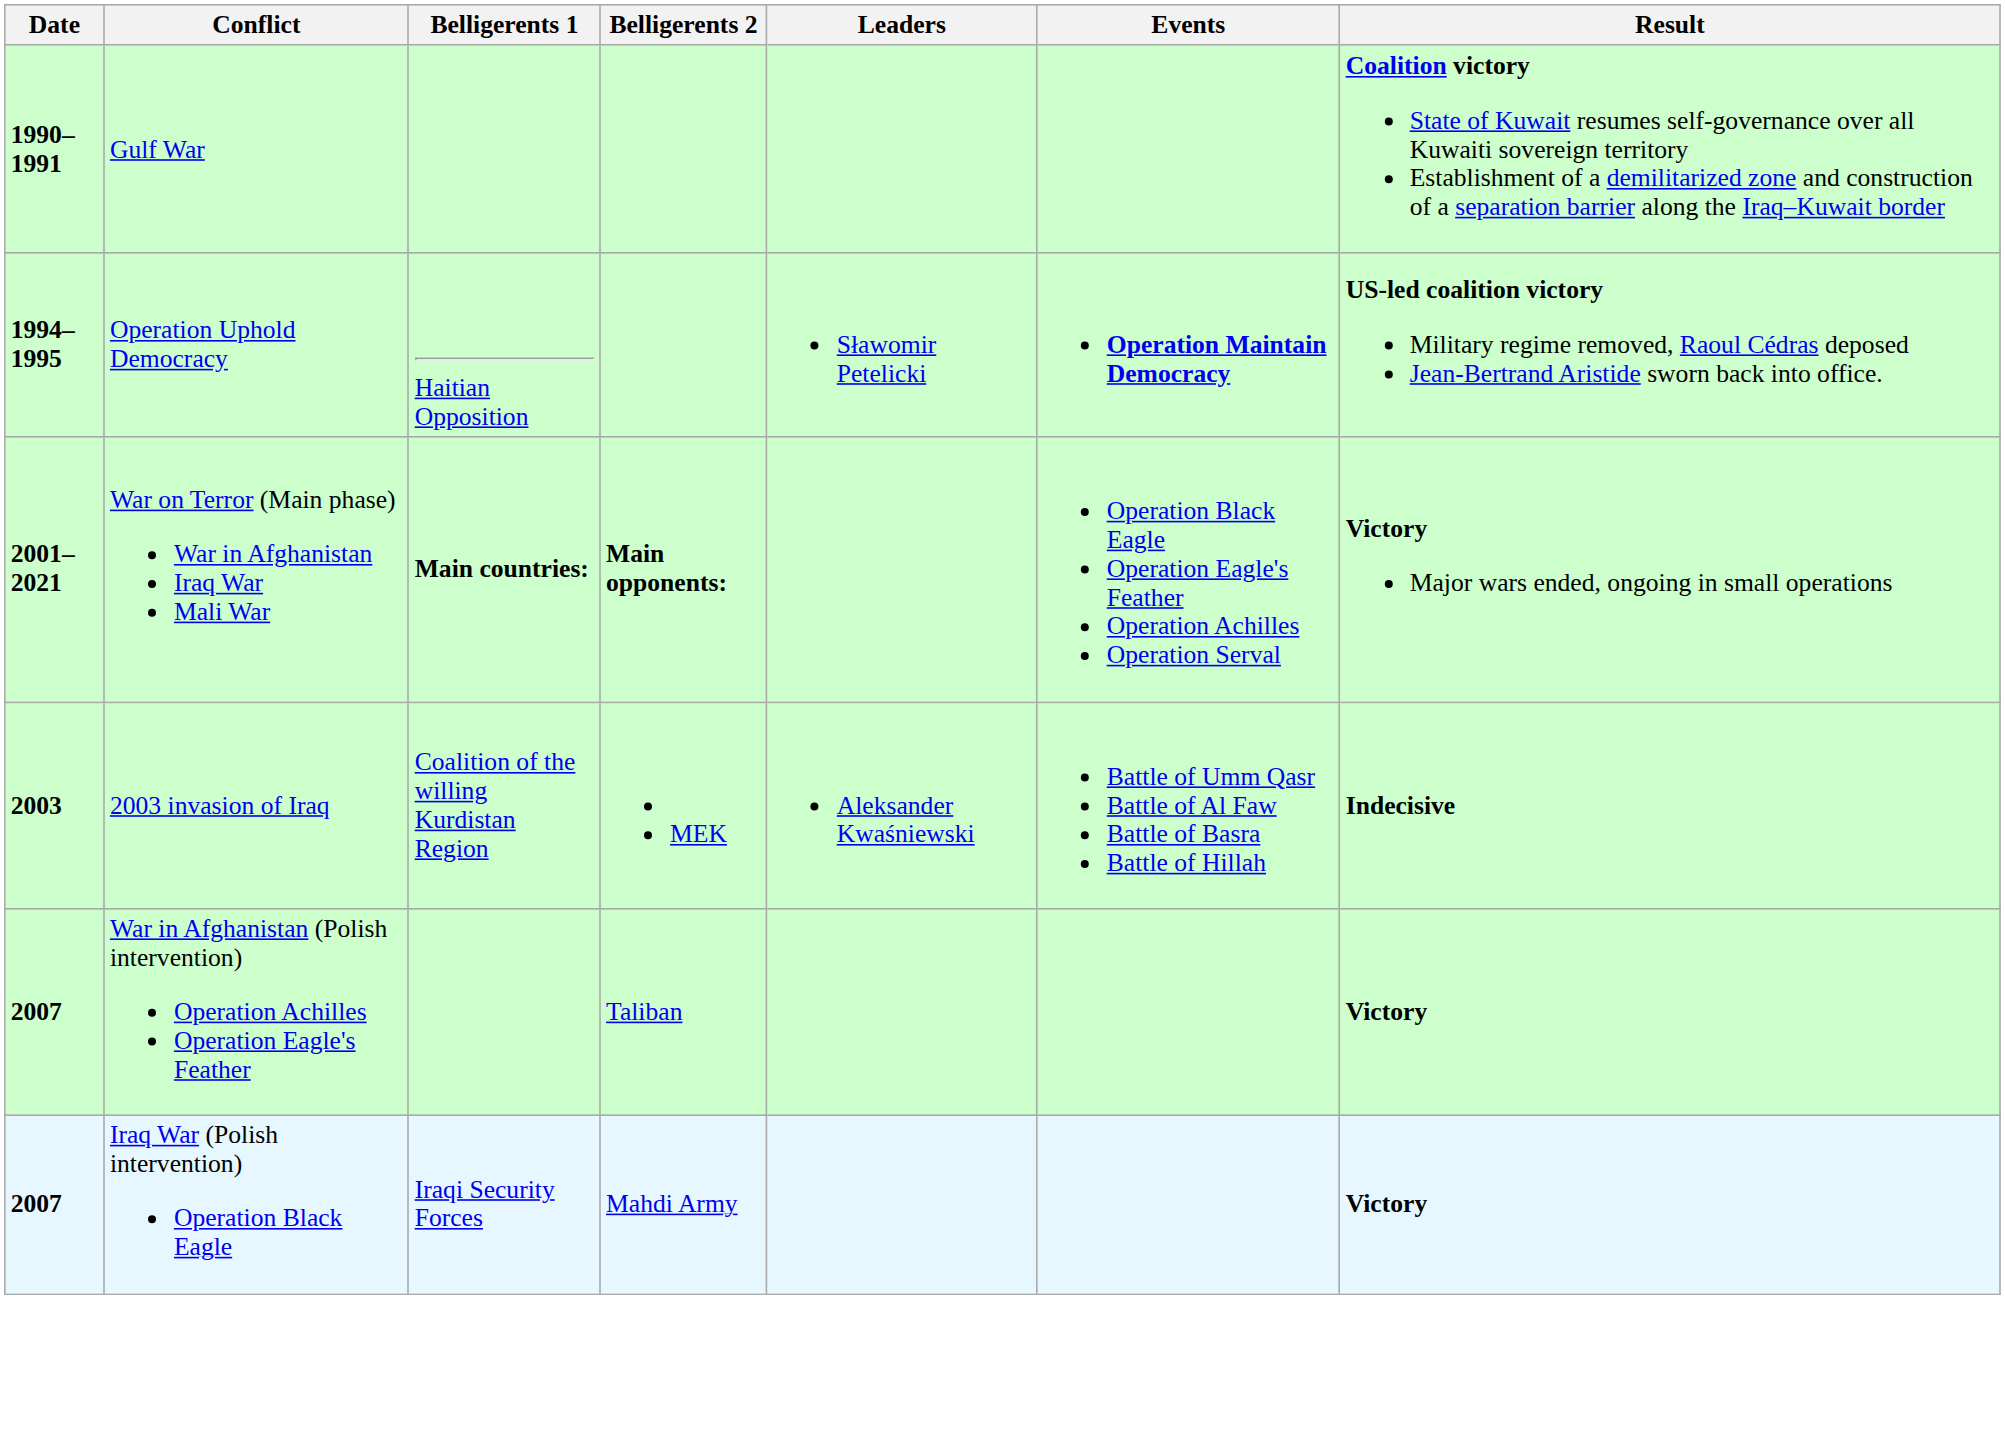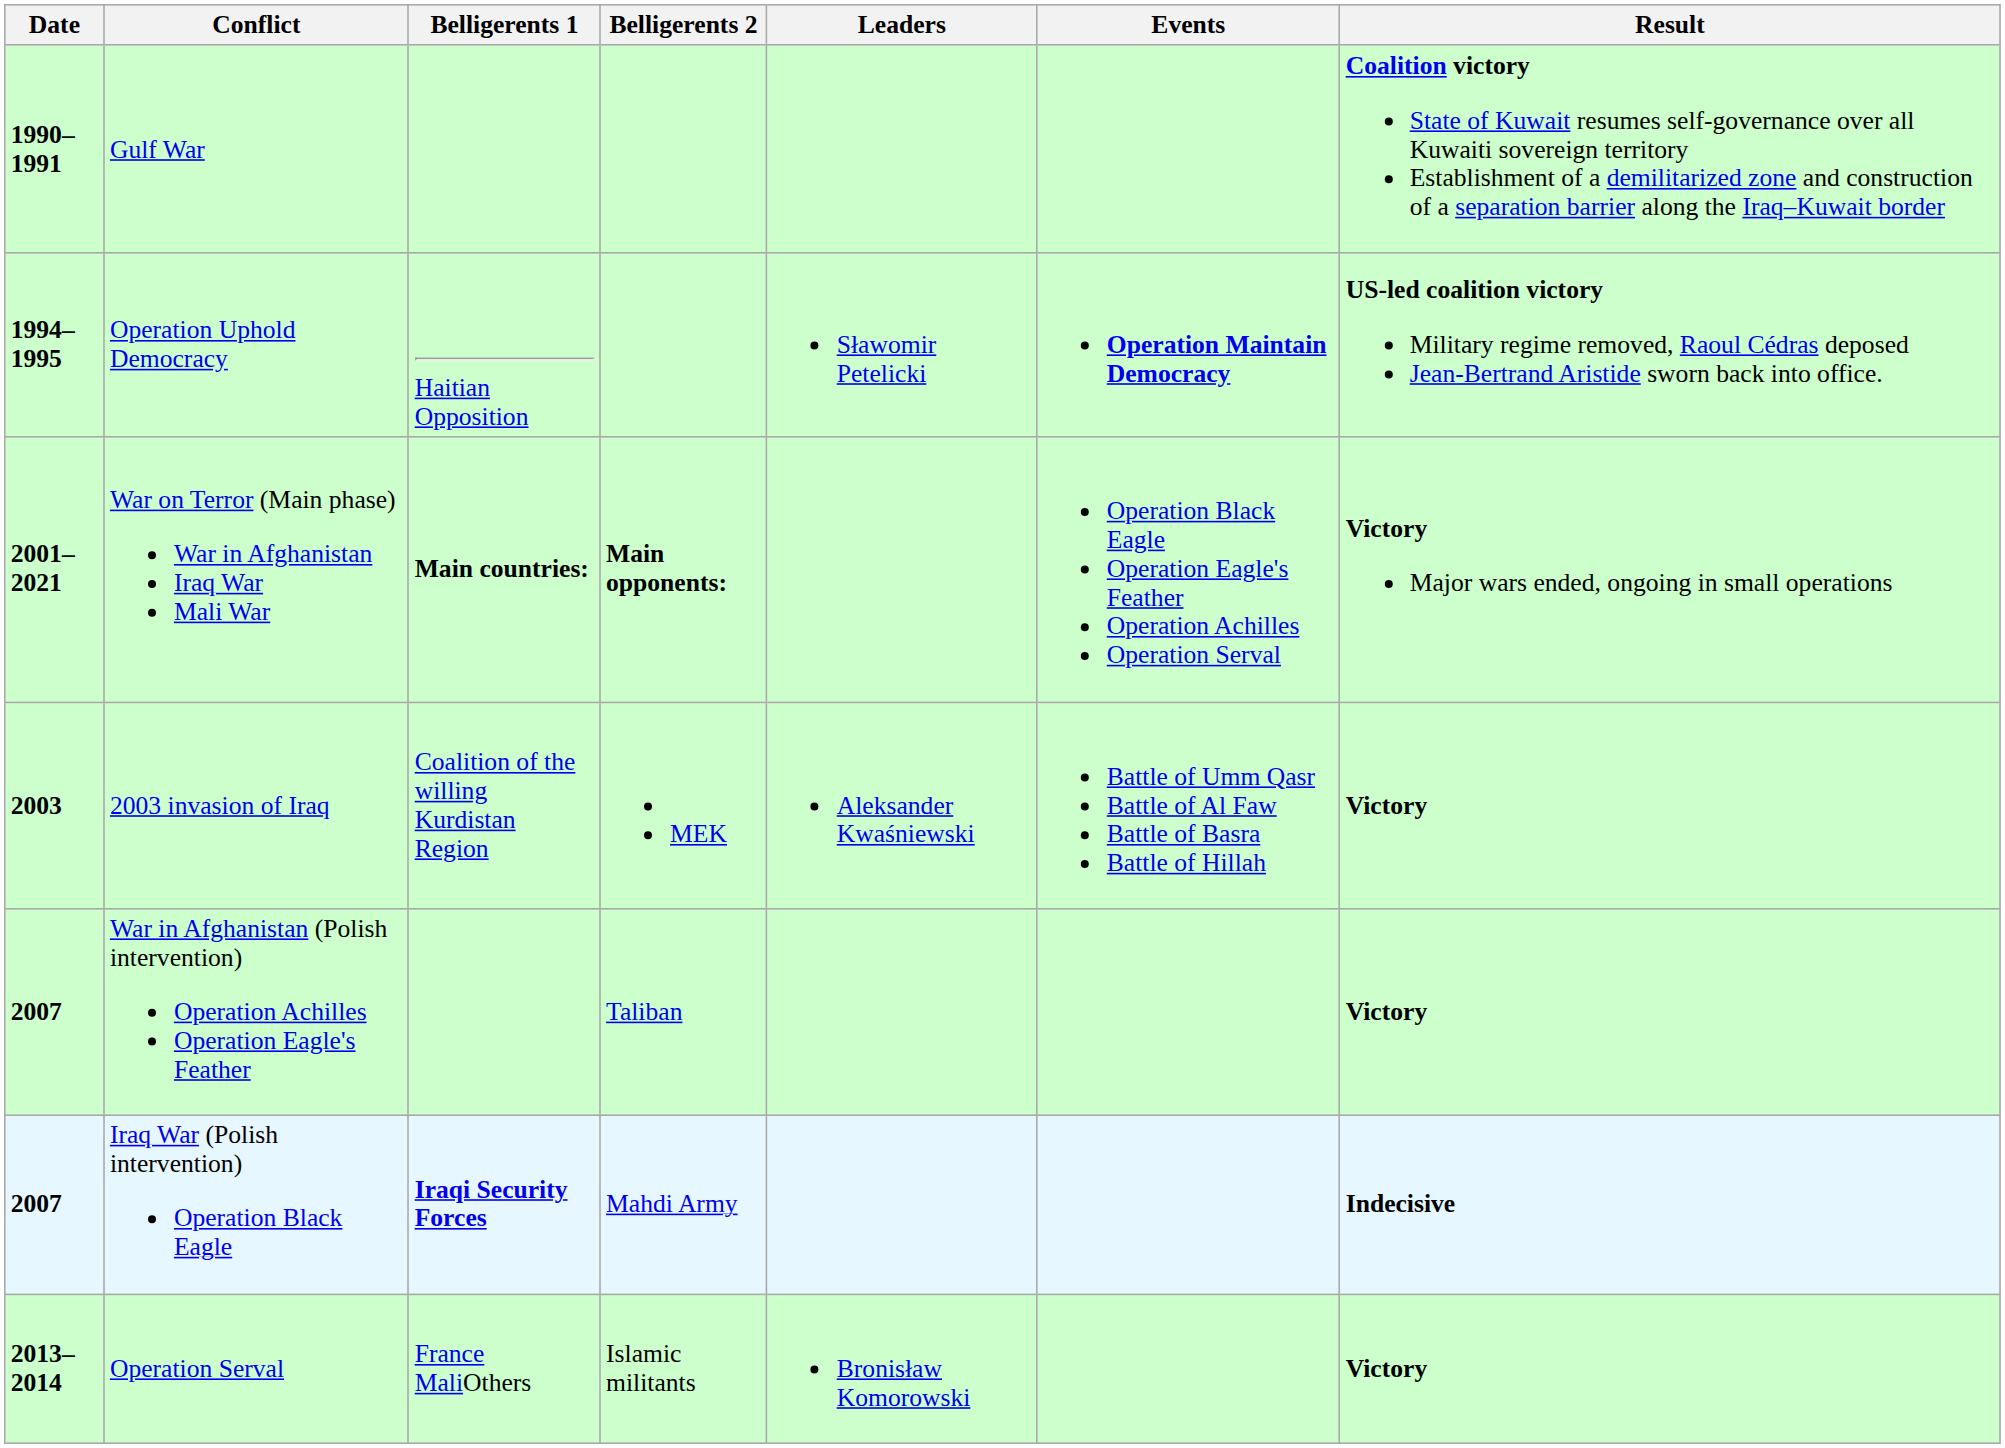 <table class="wikitable">
 <tr>
 <th>Date</th>
 <th>Conflict</th>
 <th>Belligerents 1</th>
 <th>Belligerents 2</th>
 <th>Leaders</th>
 <th>Events</th>
 <th>Result</th>
 </tr>
 <tr - bgcolor="#CCFFCC">
 <td><strong>1990–</strong><br><strong>1991</strong></td>
 <td><a href='#'>Gulf War</a></td>
 <td><br></td>
 <td></td>
 <td></td>
 <td></td>
 <td><strong><a href='#'>Coalition</a> victory</strong><br><ul><li><a href='#'>State of Kuwait</a> resumes self-governance over all Kuwaiti sovereign territory</li><li>Establishment of a <a href='#'>demilitarized zone</a> and construction of a <a href='#'>separation barrier</a> along the <a href='#'>Iraq–Kuwait border</a></li></ul></td>
 </tr>
 <tr -- bgcolor="#CCFFCC"|>
 <td><strong>1994–1995</strong></td>
 <td><a href='#'>Operation Uphold Democracy</a></td>
 <td><br><br><br><hr> <a href='#'>Haitian Opposition</a><br></td>
 <td></td>
 <td><br><ul><li><a href='#'>Sławomir Petelicki</a></li></ul></td>
 <td><strong><br><ul><li><a href='#'>Operation Maintain Democracy</a></li></ul></strong></td>
 <td><strong>US-led coalition victory</strong><br><ul><li>Military regime removed, <a href='#'>Raoul Cédras</a> deposed</li><li><a href='#'>Jean-Bertrand Aristide</a> sworn back into office.</li></ul></td>
 </tr>
 <tr --- bgcolor="#CCFFCC">
 <td><strong>2001–2021</strong></td>
 <td><a href='#'>War on Terror</a> (Main phase)<br><ul><li><a href='#'>War in Afghanistan</a></li><li><a href='#'>Iraq War</a></li><li><a href='#'>Mali War</a></li></ul></td>
 <td><strong>Main countries:</strong></td>
 <td><strong>Main opponents:</strong></td>
 <td></td>
 <td><br><ul><li><a href='#'>Operation Black Eagle</a></li><li><a href='#'>Operation Eagle's Feather</a></li><li><a href='#'>Operation Achilles</a></li><li><a href='#'>Operation Serval</a></li></ul></td>
 <td><strong>Victory</strong><br><ul><li>Major wars ended, ongoing in small operations</li></ul></td>
 </tr>
 <tr --- bgcolor="#CCFFCC">
 <td><strong>2003</strong></td>
 <td><a href='#'>2003 invasion of Iraq</a></td>
 <td><a href='#'>Coalition of the willing</a><br> <a href='#'>Kurdistan Region</a> </td>
 <td><br><ul><li><strong></strong></li><li> <a href='#'>MEK</a></li></ul></td>
 <td><br><ul><li><a href='#'>Aleksander Kwaśniewski</a></li></ul></td>
 <td><br><ul><li><a href='#'>Battle of Umm Qasr</a></li><li><a href='#'>Battle of Al Faw</a></li><li><a href='#'>Battle of Basra</a></li><li><a href='#'>Battle of Hillah</a></li></ul></td>
-<td><strong>Indecisive</strong></td>
+<td><strong>Victory</strong></td>
 </tr>
 <tr --- bgcolor="#CCFFCC">
 <td><strong>2007</strong></td>
 <td><a href='#'>War in Afghanistan</a> (Polish intervention)<br><ul><li><a href='#'>Operation Achilles</a></li><li><a href='#'>Operation Eagle's Feather</a></li></ul></td>
 <td></td>
 <td> <a href='#'>Taliban</a></td>
 <td></td>
 <td></td>
 <td><strong>Victory</strong></td>
 </tr>
 <tr - bgcolor=#E6F7FF>
 <td><strong>2007</strong></td>
 <td><a href='#'>Iraq War</a> (Polish intervention)<br><ul><li><a href='#'>Operation Black Eagle</a></li></ul></td>
-<td> <a href='#'>Iraqi Security Forces</a></td>
+<td><strong> <a href='#'>Iraqi Security Forces</a></strong></td>
 <td> <a href='#'>Mahdi Army</a></td>
 <td></td>
+<td></td>
+<td><strong>Indecisive</strong></td>
+</tr>
+<tr -- bgcolor="#CCFFCC"|>
+<td><strong>2013–2014</strong></td>
+<td><a href='#'>Operation Serval</a></td>
+<td> <a href='#'>France</a> <a href='#'>Mali</a>Others</td>
+<td> Islamic militants</td>
+<td><br><ul><li><a href='#'>Bronisław Komorowski</a></li></ul></td>
 <td></td>
 <td><strong>Victory</strong></td>
 </tr>
 </table>
